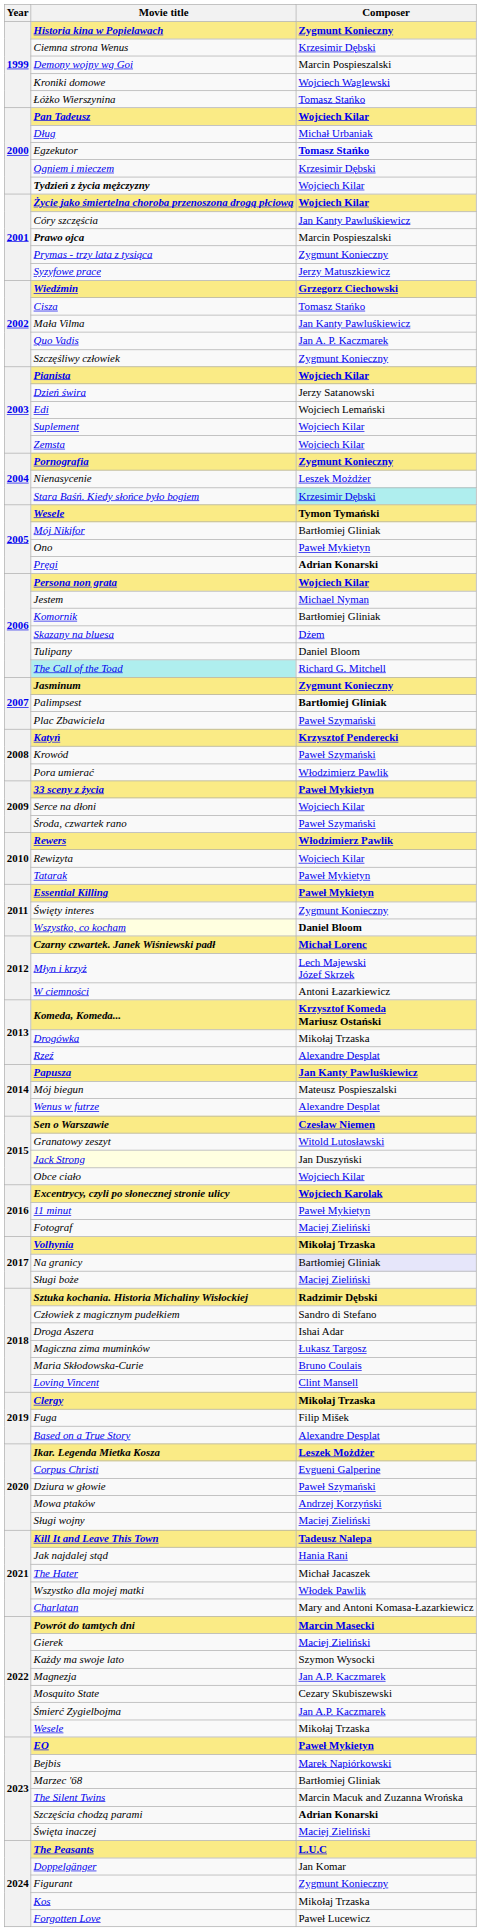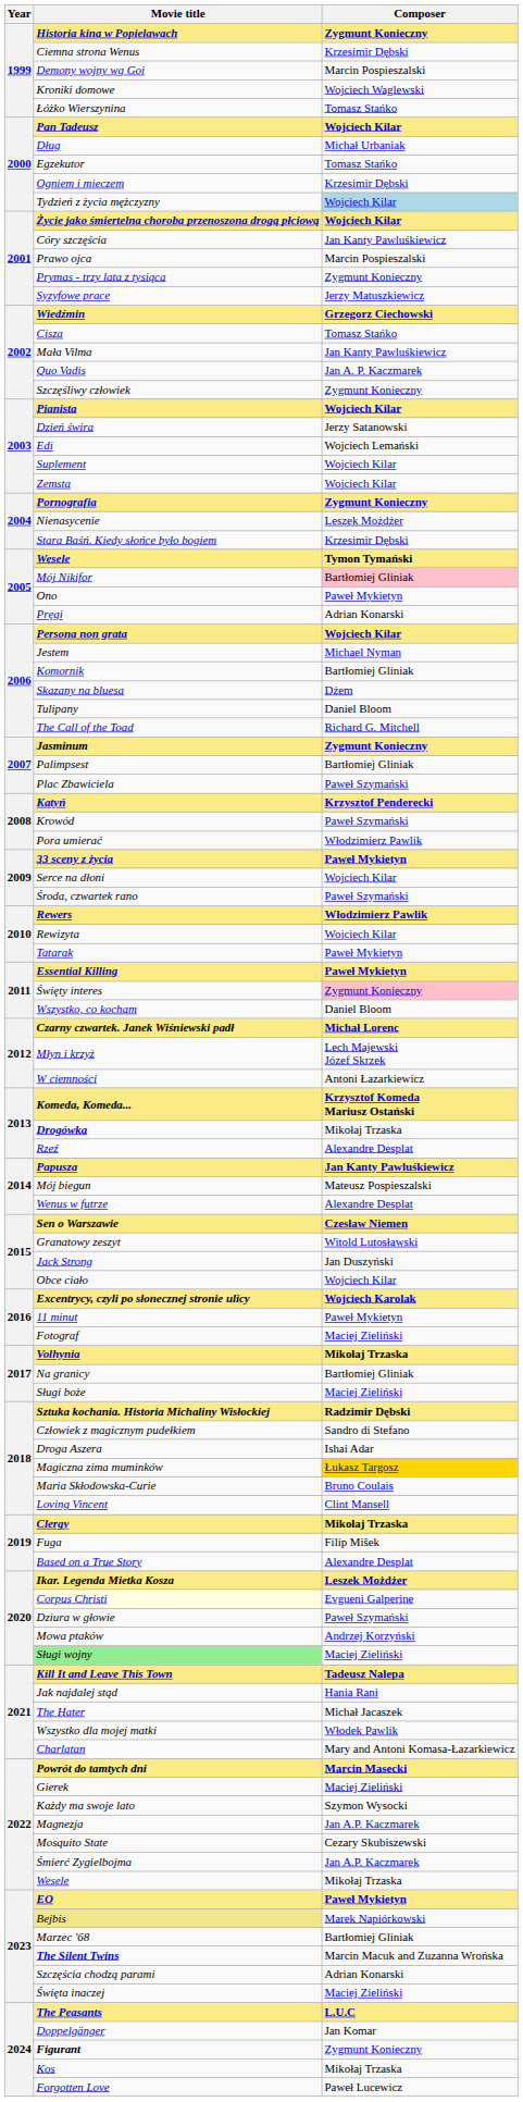 <table class="wikitable">
 <tr>
 <th>Year</th>
 <th>Movie title</th>
 <th>Composer</th>
 </tr>
 <tr>
 <th scope="row" rowspan="5"><a href='#'>1999</a></th>
 <td style="background:#FAEB86;"><strong><em><a href='#'>Historia kina w Popielawach</a></em></strong></td>
 <td style="background:#FAEB86;"><strong><a href='#'>Zygmunt Konieczny</a></strong></td>
 </tr>
 <tr>
 <td><em>Ciemna strona Wenus</em></td>
 <td><a href='#'>Krzesimir Dębski</a></td>
 </tr>
 <tr>
 <td><em><a href='#'>Demony wojny wg Goi</a></em></td>
 <td>Marcin Pospieszalski</td>
 </tr>
 <tr>
 <td><em>Kroniki domowe</em></td>
 <td><a href='#'>Wojciech Waglewski</a></td>
 </tr>
 <tr>
 <td><em>Łóżko Wierszynina</em></td>
 <td><a href='#'>Tomasz Stańko</a></td>
 </tr>
 <tr>
 <th scope="row" rowspan="5"><a href='#'>2000</a></th>
 <td style="background:#FAEB86;"><strong><em><a href='#'>Pan Tadeusz</a></em></strong></td>
 <td style="background:#FAEB86;"><strong><a href='#'>Wojciech Kilar</a></strong></td>
 </tr>
 <tr>
 <td><em><a href='#'>Dług</a></em></td>
 <td><a href='#'>Michał Urbaniak</a></td>
 </tr>
 <tr>
 <td><em>Egzekutor</em></td>
-<td><strong><a href='#'>Tomasz Stańko</a></strong></td>
+<td><a href='#'>Tomasz Stańko</a></td>
 </tr>
 <tr>
 <td><em><a href='#'>Ogniem i mieczem</a></em></td>
 <td><a href='#'>Krzesimir Dębski</a></td>
 </tr>
 <tr>
-<td><strong><em>Tydzień z życia mężczyzny</em></strong></td>
-<td><a href='#'>Wojciech Kilar</a></td>
+<td><em>Tydzień z życia mężczyzny</em></td>
+<td style="background: lightblue;"><a href='#'>Wojciech Kilar</a></td>
 </tr>
 <tr>
 <th scope="row" rowspan="5"><a href='#'>2001</a></th>
 <td style="background:#FAEB86;"><strong><em><a href='#'>Życie jako śmiertelna choroba przenoszona drogą płciową</a></em></strong></td>
 <td style="background:#FAEB86;"><strong><a href='#'>Wojciech Kilar</a></strong></td>
 </tr>
 <tr>
 <td><em>Córy szczęścia</em></td>
 <td><a href='#'>Jan Kanty Pawluśkiewicz</a></td>
 </tr>
 <tr>
-<td><strong><em>Prawo ojca</em></strong></td>
+<td><em>Prawo ojca</em></td>
 <td>Marcin Pospieszalski</td>
 </tr>
 <tr>
 <td><em><a href='#'>Prymas - trzy lata z tysiąca</a></em></td>
 <td><a href='#'>Zygmunt Konieczny</a></td>
 </tr>
 <tr>
 <td><em><a href='#'>Syzyfowe prace</a></em></td>
 <td><a href='#'>Jerzy Matuszkiewicz</a></td>
 </tr>
 <tr>
 <th scope="row" rowspan="5"><a href='#'>2002</a></th>
 <td style="background:#FAEB86;"><strong><em><a href='#'>Wiedźmin</a></em></strong></td>
 <td style="background:#FAEB86;"><strong><a href='#'>Grzegorz Ciechowski</a></strong></td>
 </tr>
 <tr>
 <td><em><a href='#'>Cisza</a></em></td>
 <td><a href='#'>Tomasz Stańko</a></td>
 </tr>
 <tr>
 <td><em>Mała Vilma</em></td>
 <td><a href='#'>Jan Kanty Pawluśkiewicz</a></td>
 </tr>
 <tr>
 <td><em><a href='#'>Quo Vadis</a></em></td>
 <td><a href='#'>Jan A. P. Kaczmarek</a></td>
 </tr>
 <tr>
 <td><em>Szczęśliwy człowiek</em></td>
 <td><a href='#'>Zygmunt Konieczny</a></td>
 </tr>
 <tr>
 <th scope="row" rowspan="5"><a href='#'>2003</a></th>
 <td style="background:#FAEB86;"><strong><em><a href='#'>Pianista</a></em></strong></td>
 <td style="background:#FAEB86;"><strong><a href='#'>Wojciech Kilar</a></strong></td>
 </tr>
 <tr>
 <td><em><a href='#'>Dzień świra</a></em></td>
 <td>Jerzy Satanowski</td>
 </tr>
 <tr>
 <td><em><a href='#'>Edi</a></em></td>
 <td>Wojciech Lemański</td>
 </tr>
 <tr>
 <td><em><a href='#'>Suplement</a></em></td>
 <td><a href='#'>Wojciech Kilar</a></td>
 </tr>
 <tr>
 <td><em><a href='#'>Zemsta</a></em></td>
 <td><a href='#'>Wojciech Kilar</a></td>
 </tr>
 <tr>
 <th scope="row" rowspan="3"><a href='#'>2004</a></th>
 <td style="background:#FAEB86;"><strong><em><a href='#'>Pornografia</a></em></strong></td>
 <td style="background:#FAEB86;"><strong><a href='#'>Zygmunt Konieczny</a></strong></td>
 </tr>
 <tr>
 <td><em>Nienasycenie</em></td>
 <td><a href='#'>Leszek Możdżer</a></td>
 </tr>
 <tr>
 <td><em><a href='#'>Stara Baśń. Kiedy słońce było bogiem</a></em></td>
-<td style="background: paleturquoise;"><a href='#'>Krzesimir Dębski</a></td>
+<td><a href='#'>Krzesimir Dębski</a></td>
 </tr>
 <tr>
 <th scope="row" rowspan="4"><a href='#'>2005</a></th>
 <td style="background:#FAEB86;"><strong><em><a href='#'>Wesele</a></em></strong></td>
 <td style="background:#FAEB86;"><strong>Tymon Tymański</strong></td>
 </tr>
 <tr>
 <td><em><a href='#'>Mój Nikifor</a></em></td>
-<td>Bartłomiej Gliniak</td>
+<td style="background: pink;">Bartłomiej Gliniak</td>
 </tr>
 <tr>
 <td><em>Ono</em></td>
 <td><a href='#'>Paweł Mykietyn</a></td>
 </tr>
 <tr>
 <td><em><a href='#'>Pręgi</a></em></td>
-<td><strong>Adrian Konarski</strong></td>
+<td>Adrian Konarski</td>
 </tr>
 <tr>
 <th rowspan="6"><a href='#'>2006</a></th>
 <td style="background:#FAEB86;"><strong><em><a href='#'>Persona non grata</a></em></strong></td>
 <td style="background:#FAEB86;"><strong><a href='#'>Wojciech Kilar</a></strong></td>
 </tr>
 <tr>
 <td><em>Jestem</em></td>
 <td><a href='#'>Michael Nyman</a></td>
 </tr>
 <tr>
 <td><em><a href='#'>Komornik</a></em></td>
 <td>Bartłomiej Gliniak</td>
 </tr>
 <tr>
 <td><em><a href='#'>Skazany na bluesa</a></em></td>
 <td><a href='#'>Dżem</a></td>
 </tr>
 <tr>
 <td><em>Tulipany</em></td>
 <td>Daniel Bloom</td>
 </tr>
 <tr>
-<td style="background: paleturquoise;"><em><a href='#'>The Call of the Toad</a></em></td>
+<td><em><a href='#'>The Call of the Toad</a></em></td>
 <td><a href='#'>Richard G. Mitchell</a></td>
 </tr>
 <tr>
 <th scope="row" rowspan="3"><a href='#'>2007</a></th>
 <td style="background:#FAEB86;"><strong><em>Jasminum</em></strong></td>
 <td style="background:#FAEB86;"><strong><a href='#'>Zygmunt Konieczny</a></strong></td>
 </tr>
 <tr>
 <td><em>Palimpsest</em></td>
-<td><strong>Bartłomiej Gliniak</strong></td>
+<td>Bartłomiej Gliniak</td>
 </tr>
 <tr>
 <td><em>Plac Zbawiciela</em></td>
 <td><a href='#'>Paweł Szymański</a></td>
 </tr>
 <tr>
 <th scope="row"  rowspan="3">2008</th>
 <td style="background:#FAEB86;"><strong><em><a href='#'>Katyń</a></em></strong></td>
 <td style="background:#FAEB86;"><strong><a href='#'>Krzysztof Penderecki</a></strong></td>
 </tr>
 <tr>
 <td><em>Krowód</em></td>
 <td><a href='#'>Paweł Szymański</a></td>
 </tr>
 <tr>
 <td><em>Pora umierać</em></td>
 <td><a href='#'>Włodzimierz Pawlik</a></td>
 </tr>
 <tr>
 <th rowspan="3">2009</th>
 <td style="background:#FAEB86;"><strong><em><a href='#'>33 sceny z życia</a></em></strong></td>
 <td style="background:#FAEB86;"><strong><a href='#'>Paweł Mykietyn</a></strong></td>
 </tr>
 <tr>
 <td><em>Serce na dłoni</em></td>
 <td><a href='#'>Wojciech Kilar</a></td>
 </tr>
 <tr>
 <td><em>Środa, czwartek rano</em></td>
 <td><a href='#'>Paweł Szymański</a></td>
 </tr>
 <tr>
 <th scope="row" rowspan="3"><strong>2010</strong></th>
 <td style="background:#FAEB86;"><strong><em><a href='#'>Rewers</a></em></strong></td>
 <td style="background:#FAEB86;"><strong><a href='#'>Włodzimierz Pawlik</a></strong></td>
 </tr>
 <tr>
 <td><em>Rewizyta</em></td>
 <td><a href='#'>Wojciech Kilar</a></td>
 </tr>
 <tr>
 <td><em><a href='#'>Tatarak</a></em></td>
 <td><a href='#'>Paweł Mykietyn</a></td>
 </tr>
 <tr>
 <th rowspan="3">2011</th>
 <td style="background:#FAEB86;"><strong><em><a href='#'>Essential Killing</a></em></strong></td>
 <td style="background:#FAEB86;"><strong><a href='#'>Paweł Mykietyn</a></strong></td>
 </tr>
 <tr>
 <td><em>Święty interes</em></td>
-<td><a href='#'>Zygmunt Konieczny</a></td>
+<td style="background: pink;"><a href='#'>Zygmunt Konieczny</a></td>
 </tr>
 <tr>
-<td style="background: lightyellow;"><em><a href='#'>Wszystko, co kocham</a></em></td>
-<td><strong>Daniel Bloom</strong></td>
+<td><em><a href='#'>Wszystko, co kocham</a></em></td>
+<td>Daniel Bloom</td>
 </tr>
 <tr>
 <th scope="row" rowspan="3">2012</th>
 <td style="background:#FAEB86;"><strong><em>Czarny czwartek. Janek Wiśniewski padł</em></strong></td>
 <td style="background:#FAEB86;"><strong><a href='#'>Michał Lorenc</a></strong></td>
 </tr>
 <tr>
 <td><em><a href='#'>Młyn i krzyż</a></em></td>
 <td><a href='#'>Lech Majewski</a><br><a href='#'>Józef Skrzek</a></td>
 </tr>
 <tr>
 <td><em><a href='#'>W ciemności</a></em></td>
 <td>Antoni Łazarkiewicz</td>
 </tr>
 <tr>
 <th rowspan="3">2013</th>
 <td style="background:#FAEB86;"><strong><em>Komeda, Komeda...</em></strong></td>
 <td style="background:#FAEB86;"><strong><a href='#'>Krzysztof Komeda</a><em><br></em>Mariusz Ostański</strong></td>
 </tr>
 <tr>
-<td><em><a href='#'>Drogówka</a></em></td>
+<td><strong><em><a href='#'>Drogówka</a></em></strong></td>
 <td>Mikołaj Trzaska</td>
 </tr>
 <tr>
 <td><em><a href='#'>Rzeź</a></em></td>
 <td><a href='#'>Alexandre Desplat</a></td>
 </tr>
 <tr>
 <th rowspan="3">2014</th>
 <td style="background:#FAEB86;"><strong><em><a href='#'>Papusza</a></em></strong></td>
 <td style="background:#FAEB86;"><strong><a href='#'>Jan Kanty Pawluśkiewicz</a></strong></td>
 </tr>
 <tr>
 <td><em>Mój biegun</em></td>
 <td>Mateusz Pospieszalski</td>
 </tr>
 <tr>
 <td><em><a href='#'>Wenus w futrze</a></em></td>
 <td><a href='#'>Alexandre Desplat</a></td>
 </tr>
 <tr>
 <th scope="row" rowspan="4">2015</th>
 <td style="background:#FAEB86;"><strong><em>Sen o Warszawie</em></strong></td>
 <td style="background:#FAEB86;"><strong><a href='#'>Czesław Niemen</a></strong></td>
 </tr>
 <tr>
 <td><em>Granatowy zeszyt</em></td>
 <td><a href='#'>Witold Lutosławski</a></td>
 </tr>
 <tr>
-<td style="background: lightyellow;"><em><a href='#'>Jack Strong</a></em></td>
+<td><em><a href='#'>Jack Strong</a></em></td>
 <td>Jan Duszyński</td>
 </tr>
 <tr>
 <td><em>Obce ciało</em></td>
 <td><a href='#'>Wojciech Kilar</a></td>
 </tr>
 <tr>
 <th rowspan="3">2016</th>
 <td style="background:#FAEB86;"><strong><em>Excentrycy, czyli po słonecznej stronie ulicy</em></strong></td>
 <td style="background:#FAEB86;"><strong><a href='#'>Wojciech Karolak</a></strong></td>
 </tr>
 <tr>
 <td><em><a href='#'>11 minut</a></em></td>
 <td><a href='#'>Paweł Mykietyn</a></td>
 </tr>
 <tr>
 <td><em>Fotograf</em></td>
 <td><a href='#'>Maciej Zieliński</a></td>
 </tr>
 <tr>
 <th scope="row" rowspan="3">2017</th>
 <td style="background:#FAEB86;"><strong><em><a href='#'>Volhynia</a></em></strong></td>
 <td style="background:#FAEB86;"><strong>Mikołaj Trzaska</strong></td>
 </tr>
 <tr>
 <td><em>Na granicy</em></td>
-<td style="background: lavender;">Bartłomiej Gliniak</td>
+<td>Bartłomiej Gliniak</td>
 </tr>
 <tr>
 <td><em>Sługi boże</em></td>
 <td><a href='#'>Maciej Zieliński</a></td>
 </tr>
 <tr>
 <th scope="row" rowspan="6">2018</th>
 <td style="background:#FAEB86;"><strong><em> Sztuka kochania. Historia Michaliny Wisłockiej</em></strong></td>
 <td style="background:#FAEB86;"><strong>Radzimir Dębski</strong></td>
 </tr>
 <tr>
 <td><em>Człowiek z magicznym pudełkiem</em></td>
 <td>Sandro di Stefano</td>
 </tr>
 <tr>
 <td><em>Droga Aszera</em></td>
 <td>Ishai Adar</td>
 </tr>
 <tr>
 <td><em>Magiczna zima muminków</em></td>
-<td><a href='#'>Łukasz Targosz</a></td>
+<td style="background: gold;"><a href='#'>Łukasz Targosz</a></td>
 </tr>
 <tr>
 <td><em>Maria Skłodowska-Curie</em></td>
 <td><a href='#'>Bruno Coulais</a></td>
 </tr>
 <tr>
 <td><em><a href='#'>Loving Vincent</a></em></td>
 <td><a href='#'>Clint Mansell</a></td>
 </tr>
 <tr>
 <th scope="row" rowspan="3">2019</th>
 <td style="background:#FAEB86;"><strong><em><a href='#'>Clergy</a></em></strong></td>
 <td style="background:#FAEB86;"><strong>Mikołaj Trzaska</strong></td>
 </tr>
 <tr>
 <td><em>Fuga</em></td>
 <td>Filip Mišek</td>
 </tr>
 <tr>
 <td><em><a href='#'>Based on a True Story</a></em></td>
 <td><a href='#'>Alexandre Desplat</a></td>
 </tr>
 <tr>
 <th scope="row" rowspan="5">2020</th>
 <td style="background:#FAEB86;"><strong><em>Ikar. Legenda Mietka Kosza</em></strong></td>
 <td style="background:#FAEB86;"><strong><a href='#'>Leszek Możdżer</a></strong></td>
 </tr>
 <tr>
-<td><em><a href='#'>Corpus Christi</a></em></td>
+<td style="background: lightyellow;"><em><a href='#'>Corpus Christi</a></em></td>
 <td><a href='#'>Evgueni Galperine</a></td>
 </tr>
 <tr>
 <td><em>Dziura w głowie</em></td>
 <td><a href='#'>Paweł Szymański</a></td>
 </tr>
 <tr>
 <td><em>Mowa ptaków</em></td>
 <td><a href='#'>Andrzej Korzyński</a></td>
 </tr>
 <tr>
-<td><em>Sługi wojny</em></td>
+<td style="background: lightgreen;"><em>Sługi wojny</em></td>
 <td><a href='#'>Maciej Zieliński</a></td>
 </tr>
 <tr>
 <th scope="row" rowspan="5">2021</th>
 <td style="background:#FAEB86;"><strong><em><a href='#'>Kill It and Leave This Town</a></em></strong></td>
 <td style="background:#FAEB86;"><strong><a href='#'>Tadeusz Nalepa</a></strong></td>
 </tr>
 <tr>
 <td><em>Jak najdalej stąd</em></td>
 <td><a href='#'>Hania Rani</a></td>
 </tr>
 <tr>
 <td><em><a href='#'>The Hater</a></em></td>
 <td>Michał Jacaszek</td>
 </tr>
 <tr>
 <td><em>Wszystko dla mojej matki</em></td>
 <td><a href='#'>Włodek Pawlik</a></td>
 </tr>
 <tr>
 <td><em><a href='#'>Charlatan</a></em></td>
 <td>Mary and Antoni Komasa-Łazarkiewicz</td>
 </tr>
 <tr>
 <th scope="row" rowspan="7">2022</th>
 <td style="background:#FAEB86;"><strong><em>Powrót do tamtych dni</em></strong></td>
 <td style="background:#FAEB86;"><strong><a href='#'>Marcin Masecki</a></strong></td>
 </tr>
 <tr>
 <td><em>Gierek</em></td>
 <td><a href='#'>Maciej Zieliński</a></td>
 </tr>
 <tr>
 <td><em>Każdy ma swoje lato</em></td>
 <td>Szymon Wysocki</td>
 </tr>
 <tr>
 <td><em>Magnezja</em></td>
 <td><a href='#'>Jan A.P. Kaczmarek</a></td>
 </tr>
 <tr>
 <td><em>Mosquito State</em></td>
 <td>Cezary Skubiszewski</td>
 </tr>
 <tr>
 <td><em>Śmierć Zygielbojma</em></td>
 <td><a href='#'>Jan A.P. Kaczmarek</a></td>
 </tr>
 <tr>
 <td><em><a href='#'>Wesele</a></em></td>
 <td>Mikołaj Trzaska</td>
 </tr>
 <tr>
 <th scope="row" rowspan="6">2023</th>
 <td style="background:#FAEB86;"><strong><em><a href='#'>EO</a></em></strong></td>
 <td style="background:#FAEB86;"><strong><a href='#'>Paweł Mykietyn</a></strong></td>
 </tr>
 <tr>
-<td><em>Bejbis</em></td>
+<td style="background: khaki;"><em>Bejbis</em></td>
 <td><a href='#'>Marek Napiórkowski</a></td>
 </tr>
 <tr>
 <td><em>Marzec '68</em></td>
 <td>Bartłomiej Gliniak</td>
 </tr>
 <tr>
-<td><em><a href='#'>The Silent Twins</a></em></td>
+<td><strong><em><a href='#'>The Silent Twins</a></em></strong></td>
 <td>Marcin Macuk and Zuzanna Wrońska</td>
 </tr>
 <tr>
 <td><em>Szczęścia chodzą parami</em></td>
-<td><strong>Adrian Konarski</strong></td>
+<td>Adrian Konarski</td>
 </tr>
 <tr>
 <td><em>Święta inaczej</em></td>
 <td><a href='#'>Maciej Zieliński</a></td>
 </tr>
 <tr>
 <th scope="row" rowspan="5">2024</th>
 <td style="background:#FAEB86;"><strong><em><a href='#'>The Peasants</a></em></strong></td>
 <td style="background:#FAEB86;"><strong><a href='#'>L.U.C</a></strong></td>
 </tr>
 <tr>
 <td><em><a href='#'>Doppelgänger</a></em></td>
 <td>Jan Komar</td>
 </tr>
 <tr>
-<td><em>Figurant</em></td>
+<td><strong><em>Figurant</em></strong></td>
 <td><a href='#'>Zygmunt Konieczny</a></td>
 </tr>
 <tr>
 <td><em><a href='#'>Kos</a></em></td>
 <td>Mikołaj Trzaska</td>
 </tr>
 <tr>
 <td><em><a href='#'>Forgotten Love</a></em></td>
 <td>Paweł Lucewicz</td>
 </tr>
 </table>
